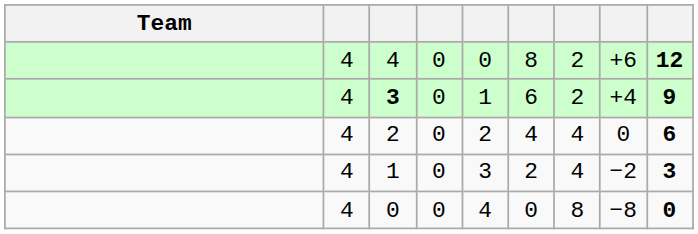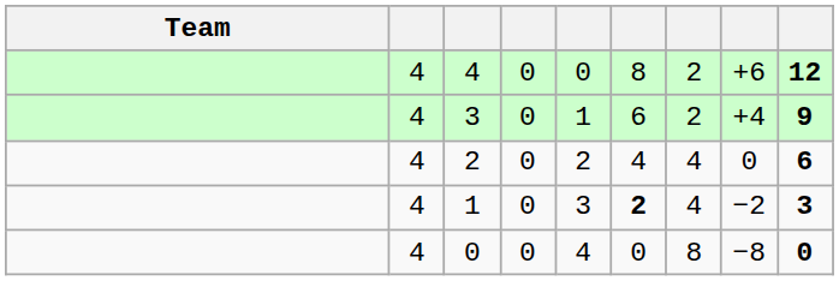 <table class="wikitable" style="text-align: center;">
 <tr>
 <th width="175">Team</th>
 <th width="20"></th>
 <th width="20"></th>
 <th width="20"></th>
 <th width="20"></th>
 <th width="20"></th>
 <th width="20"></th>
 <th width="20"></th>
 <th width="20"><strong></strong></th>
 </tr>
 <tr style="background:#ccffcc;">
 <td align=left></td>
 <td>4</td>
 <td>4</td>
 <td>0</td>
 <td>0</td>
 <td>8</td>
 <td>2</td>
 <td>+6</td>
 <td><strong>12</strong></td>
 </tr>
 <tr style="background:#ccffcc;">
 <td align=left></td>
 <td>4</td>
-<td><strong>3</strong></td>
+<td>3</td>
 <td>0</td>
 <td>1</td>
 <td>6</td>
 <td>2</td>
 <td>+4</td>
 <td><strong>9</strong></td>
 </tr>
 <tr bgcolor=>
 <td align=left></td>
 <td>4</td>
 <td>2</td>
 <td>0</td>
 <td>2</td>
 <td>4</td>
 <td>4</td>
 <td>0</td>
 <td><strong>6</strong></td>
 </tr>
 <tr bgcolor=>
 <td align=left></td>
 <td>4</td>
 <td>1</td>
 <td>0</td>
 <td>3</td>
-<td>2</td>
+<td><strong>2</strong></td>
 <td>4</td>
 <td>−2</td>
 <td><strong>3</strong></td>
 </tr>
 <tr bgcolor=>
 <td align=left></td>
 <td>4</td>
 <td>0</td>
 <td>0</td>
 <td>4</td>
 <td>0</td>
 <td>8</td>
 <td>−8</td>
 <td><strong>0</strong></td>
 </tr>
 </table>
